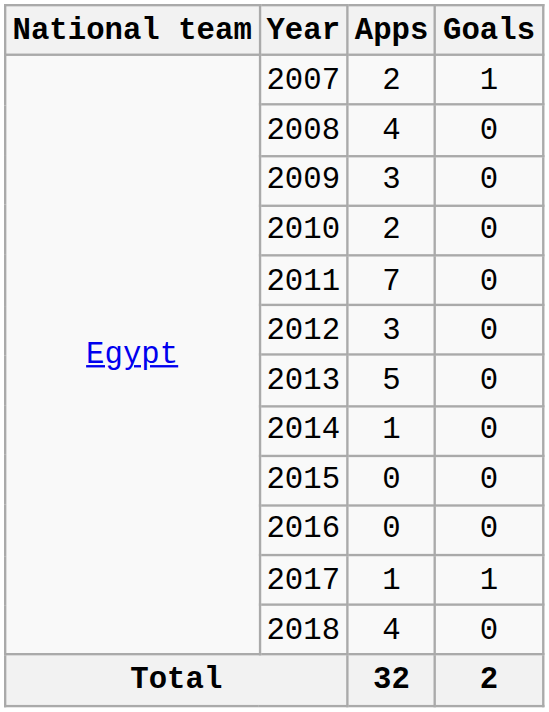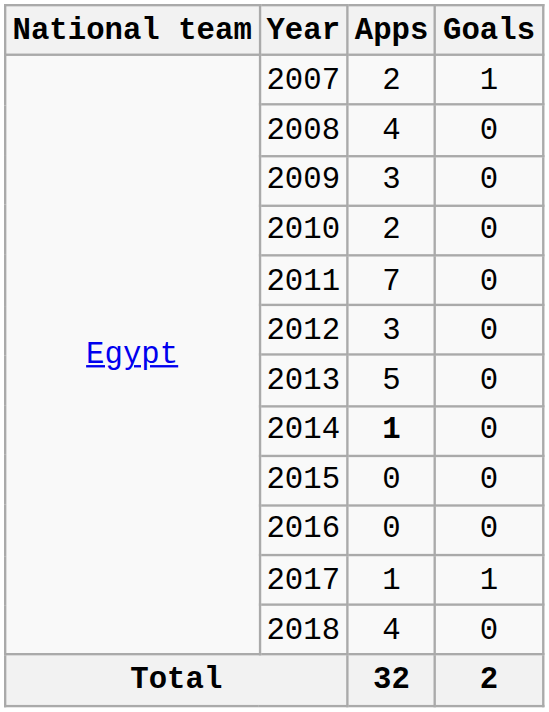 <table class="wikitable" style=text-align:center>
 <tr>
 <th>National team</th>
 <th>Year</th>
 <th>Apps</th>
 <th>Goals</th>
 </tr>
 <tr>
 <td rowspan=12><a href='#'>Egypt</a></td>
 <td>2007</td>
 <td>2</td>
 <td>1</td>
 </tr>
 <tr>
 <td>2008</td>
 <td>4</td>
 <td>0</td>
 </tr>
 <tr>
 <td>2009</td>
 <td>3</td>
 <td>0</td>
 </tr>
 <tr>
 <td>2010</td>
 <td>2</td>
 <td>0</td>
 </tr>
 <tr>
 <td>2011</td>
 <td>7</td>
 <td>0</td>
 </tr>
 <tr>
 <td>2012</td>
 <td>3</td>
 <td>0</td>
 </tr>
 <tr>
 <td>2013</td>
 <td>5</td>
 <td>0</td>
 </tr>
 <tr>
 <td>2014</td>
-<td>1</td>
+<td><strong>1</strong></td>
 <td>0</td>
 </tr>
 <tr>
 <td>2015</td>
 <td>0</td>
 <td>0</td>
 </tr>
 <tr>
 <td>2016</td>
 <td>0</td>
 <td>0</td>
 </tr>
 <tr>
 <td>2017</td>
 <td>1</td>
 <td>1</td>
 </tr>
 <tr>
 <td>2018</td>
 <td>4</td>
 <td>0</td>
 </tr>
 <tr>
 <th colspan=2>Total</th>
 <th>32</th>
 <th>2</th>
 </tr>
 </table>
